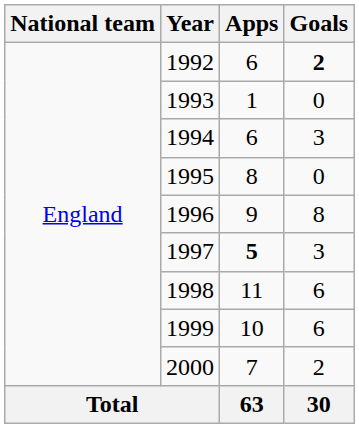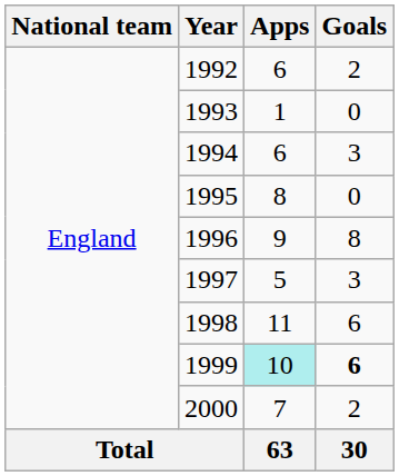 <table class="wikitable" style="text-align:center">
 <tr>
 <th>National team</th>
 <th>Year</th>
 <th>Apps</th>
 <th>Goals</th>
 </tr>
 <tr>
 <td rowspan="9"><a href='#'>England</a></td>
 <td>1992</td>
 <td>6</td>
-<td><strong>2</strong></td>
+<td>2</td>
 </tr>
 <tr>
 <td>1993</td>
 <td>1</td>
 <td>0</td>
 </tr>
 <tr>
 <td>1994</td>
 <td>6</td>
 <td>3</td>
 </tr>
 <tr>
 <td>1995</td>
 <td>8</td>
 <td>0</td>
 </tr>
 <tr>
 <td>1996</td>
 <td>9</td>
 <td>8</td>
 </tr>
 <tr>
 <td>1997</td>
-<td><strong>5</strong></td>
+<td>5</td>
 <td>3</td>
 </tr>
 <tr>
 <td>1998</td>
 <td>11</td>
 <td>6</td>
 </tr>
 <tr>
 <td>1999</td>
-<td>10</td>
-<td>6</td>
+<td style="background: paleturquoise;">10</td>
+<td><strong>6</strong></td>
 </tr>
 <tr>
 <td>2000</td>
 <td>7</td>
 <td>2</td>
 </tr>
 <tr>
 <th colspan="2">Total</th>
 <th>63</th>
 <th>30</th>
 </tr>
 </table>
